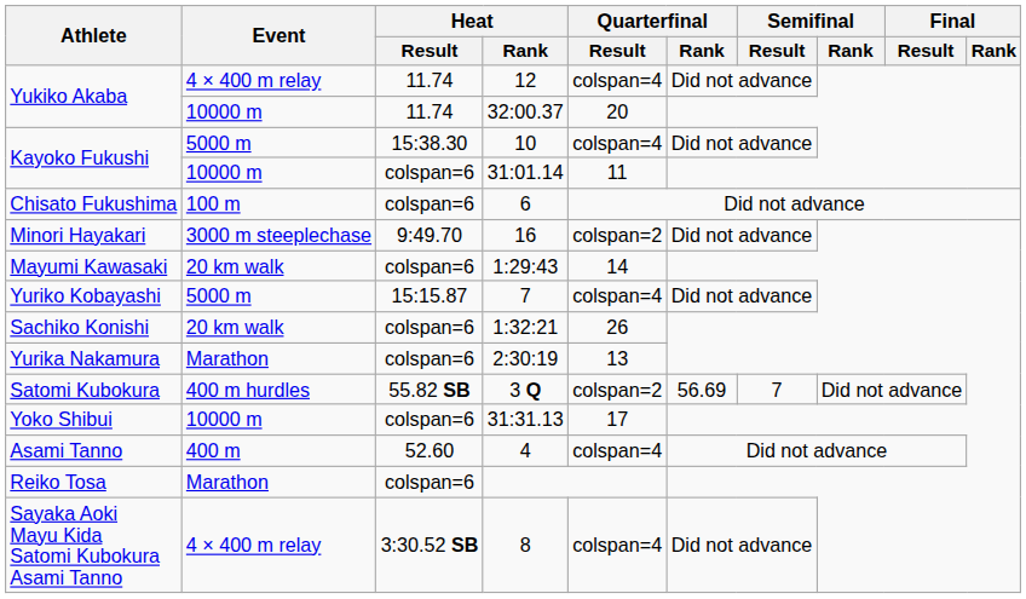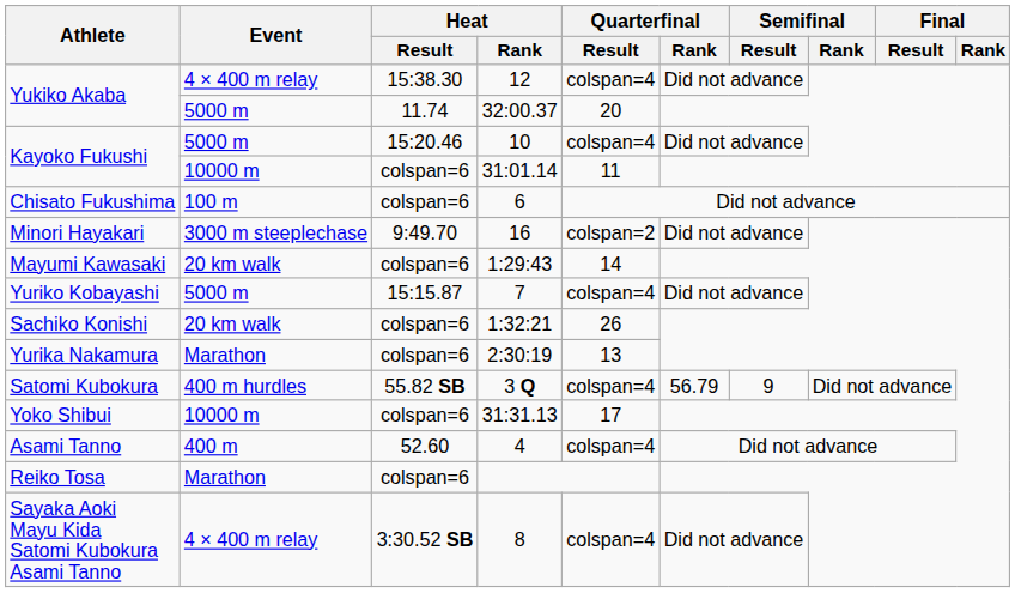 <table class=wikitable style="font-size:90%">
 <tr>
 <th rowspan="2">Athlete</th>
 <th rowspan="2">Event</th>
 <th colspan="2">Heat</th>
 <th colspan="2">Quarterfinal</th>
 <th colspan="2">Semifinal</th>
 <th colspan="2">Final</th>
 </tr>
 <tr style="font-size:95%">
 <th>Result</th>
 <th>Rank</th>
 <th>Result</th>
 <th>Rank</th>
 <th>Result</th>
 <th>Rank</th>
 <th>Result</th>
 <th>Rank</th>
 </tr>
 <tr align=center>
 <td align=left rowspan=2><a href='#'>Yukiko Akaba</a></td>
 <td align=left><a href='#'>4 × 400 m relay</a></td>
-<td>11.74</td>
+<td>15:38.30</td>
 <td>12</td>
 <td>colspan=4 </td>
 <td colspan=2>Did not advance</td>
 </tr>
 <tr align=center>
-<td align=left><a href='#'>10000 m</a></td>
+<td align=left><a href='#'>5000 m</a></td>
 <td>11.74</td>
 <td>32:00.37</td>
 <td>20</td>
 </tr>
 <tr align=center>
 <td align=left rowspan=2><a href='#'>Kayoko Fukushi</a></td>
 <td align=left><a href='#'>5000 m</a></td>
-<td>15:38.30</td>
+<td>15:20.46</td>
 <td>10</td>
 <td>colspan=4 </td>
 <td colspan=2>Did not advance</td>
 </tr>
 <tr align=center>
 <td align=left><a href='#'>10000 m</a></td>
 <td>colspan=6 </td>
 <td>31:01.14</td>
 <td>11</td>
 </tr>
 <tr align=center>
 <td align=left><a href='#'>Chisato Fukushima</a></td>
 <td align=left><a href='#'>100 m</a></td>
 <td>colspan=6 </td>
 <td>6</td>
 <td colspan=6>Did not advance</td>
 </tr>
 <tr align=center>
 <td align=left><a href='#'>Minori Hayakari</a></td>
 <td align=left><a href='#'>3000 m steeplechase</a></td>
 <td>9:49.70</td>
 <td>16</td>
 <td>colspan=2 </td>
 <td colspan=2>Did not advance</td>
 </tr>
 <tr align=center>
 <td align=left><a href='#'>Mayumi Kawasaki</a></td>
 <td align=left><a href='#'>20 km walk</a></td>
 <td>colspan=6 </td>
 <td>1:29:43</td>
 <td>14</td>
 </tr>
 <tr align=center>
 <td align=left><a href='#'>Yuriko Kobayashi</a></td>
 <td align=left><a href='#'>5000 m</a></td>
 <td>15:15.87</td>
 <td>7</td>
 <td>colspan=4 </td>
 <td colspan=2>Did not advance</td>
 </tr>
 <tr align=center>
 <td align=left><a href='#'>Sachiko Konishi</a></td>
 <td align=left><a href='#'>20 km walk</a></td>
 <td>colspan=6 </td>
 <td>1:32:21</td>
 <td>26</td>
 </tr>
 <tr align=center>
 <td align=left><a href='#'>Yurika Nakamura</a></td>
 <td align=left><a href='#'>Marathon</a></td>
 <td>colspan=6 </td>
 <td>2:30:19</td>
 <td>13</td>
 </tr>
 <tr align=center>
 <td align=left><a href='#'>Satomi Kubokura</a></td>
 <td align=left><a href='#'>400 m hurdles</a></td>
 <td>55.82 <strong>SB</strong></td>
 <td>3 <strong>Q</strong></td>
-<td>colspan=2 </td>
-<td>56.69</td>
-<td>7</td>
+<td>colspan=4 </td>
+<td>56.79</td>
+<td>9</td>
 <td colspan=2>Did not advance</td>
 </tr>
 <tr align=center>
 <td align=left><a href='#'>Yoko Shibui</a></td>
 <td align=left><a href='#'>10000 m</a></td>
 <td>colspan=6 </td>
 <td>31:31.13</td>
 <td>17</td>
 </tr>
 <tr align=center>
 <td align=left><a href='#'>Asami Tanno</a></td>
 <td align=left><a href='#'>400 m</a></td>
 <td>52.60</td>
 <td>4</td>
 <td>colspan=4 </td>
 <td colspan=4>Did not advance</td>
 </tr>
 <tr align=center>
 <td align=left><a href='#'>Reiko Tosa</a></td>
 <td align=left><a href='#'>Marathon</a></td>
 <td>colspan=6 </td>
 <td colspan=2></td>
 </tr>
 <tr align=center>
 <td align=left><a href='#'>Sayaka Aoki</a><br><a href='#'>Mayu Kida</a><br><a href='#'>Satomi Kubokura</a><br><a href='#'>Asami Tanno</a></td>
 <td align=left><a href='#'>4 × 400 m relay</a></td>
 <td>3:30.52 <strong>SB</strong></td>
 <td>8</td>
 <td>colspan=4 </td>
 <td colspan=2>Did not advance</td>
 </tr>
 </table>
